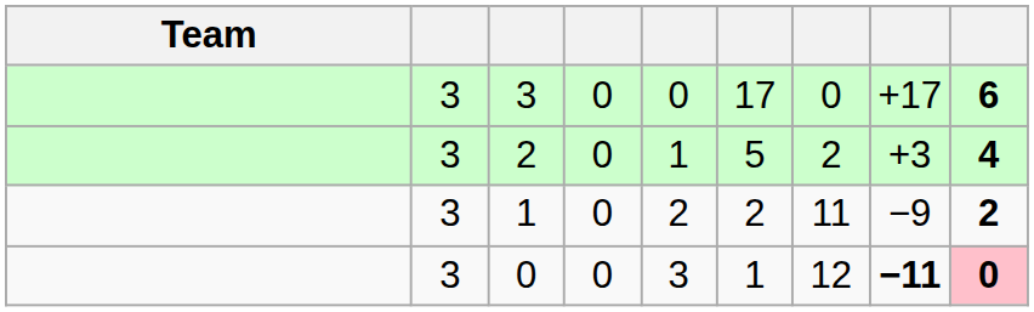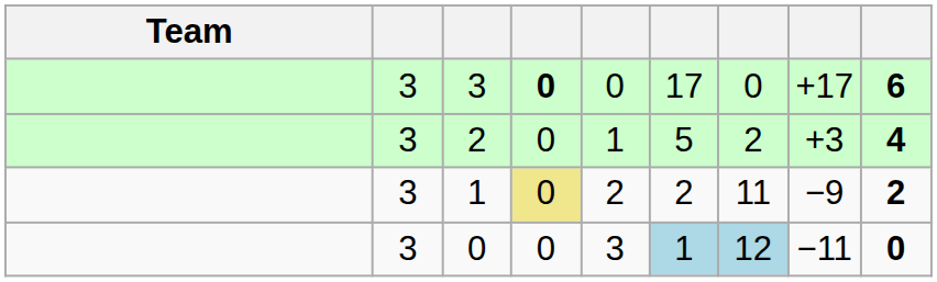 <table class="wikitable" style="text-align: center;">
 <tr>
 <th width="165">Team</th>
 <th width="25"></th>
 <th width="25"></th>
 <th width="25"></th>
 <th width="25"></th>
 <th width="25"></th>
 <th width="25"></th>
 <th width="25"></th>
 <th width="25"></th>
 </tr>
 <tr style="background:#ccffcc;">
 <td style="text-align:left;"></td>
 <td>3</td>
 <td>3</td>
-<td>0</td>
+<td><strong>0</strong></td>
 <td>0</td>
 <td>17</td>
 <td>0</td>
 <td>+17</td>
 <td><strong>6</strong></td>
 </tr>
 <tr bgcolor=#ccffcc align=center>
 <td style="text-align:left;"></td>
 <td>3</td>
 <td>2</td>
 <td>0</td>
 <td>1</td>
 <td>5</td>
 <td>2</td>
 <td>+3</td>
 <td><strong>4</strong></td>
 </tr>
 <tr align=center>
 <td style="text-align:left;"></td>
 <td>3</td>
 <td>1</td>
-<td>0</td>
+<td style="background: khaki;">0</td>
 <td>2</td>
 <td>2</td>
 <td>11</td>
 <td>−9</td>
 <td><strong>2</strong></td>
 </tr>
 <tr align=center>
 <td style="text-align:left;"></td>
 <td>3</td>
 <td>0</td>
 <td>0</td>
 <td>3</td>
-<td>1</td>
-<td>12</td>
-<td><strong>−11</strong></td>
-<td style="background: pink;"><strong>0</strong></td>
+<td style="background: lightblue;">1</td>
+<td style="background: lightblue;">12</td>
+<td>−11</td>
+<td><strong>0</strong></td>
 </tr>
 </table>
